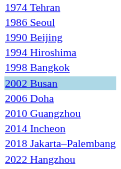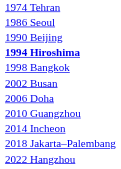 <table>
 <tr>
 <td><a href='#'>1974 Tehran</a></td>
 <td></td>
 <td></td>
 <td></td>
 </tr>
 <tr>
 <td><a href='#'>1986 Seoul</a></td>
 <td></td>
 <td></td>
 <td></td>
 </tr>
 <tr>
 <td><a href='#'>1990 Beijing</a></td>
 <td></td>
 <td></td>
 <td></td>
 </tr>
 <tr>
-<td><a href='#'>1994 Hiroshima</a></td>
+<td><strong><a href='#'>1994 Hiroshima</a></strong></td>
 <td></td>
 <td></td>
 <td></td>
 </tr>
 <tr>
 <td><a href='#'>1998 Bangkok</a></td>
 <td></td>
 <td></td>
 <td></td>
 </tr>
 <tr>
-<td style="background: lightblue;"><a href='#'>2002 Busan</a></td>
+<td><a href='#'>2002 Busan</a></td>
 <td></td>
 <td></td>
 <td></td>
 </tr>
 <tr>
 <td rowspan=2><a href='#'>2006 Doha</a></td>
 <td rowspan=2></td>
 <td rowspan=2></td>
 <td></td>
 </tr>
 <tr>
 <td></td>
 </tr>
 <tr>
 <td rowspan=2><a href='#'>2010 Guangzhou</a></td>
 <td rowspan=2></td>
 <td rowspan=2></td>
 <td></td>
 </tr>
 <tr>
 <td></td>
 </tr>
 <tr>
 <td rowspan=2><a href='#'>2014 Incheon</a></td>
 <td rowspan=2></td>
 <td rowspan=2></td>
 <td></td>
 </tr>
 <tr>
 <td></td>
 </tr>
 <tr>
 <td rowspan=2><a href='#'>2018 Jakarta–Palembang</a></td>
 <td rowspan=2></td>
 <td rowspan=2></td>
 <td></td>
 </tr>
 <tr>
 <td></td>
 </tr>
 <tr>
 <td rowspan=2><a href='#'>2022 Hangzhou</a></td>
 <td rowspan=2></td>
 <td rowspan=2></td>
 <td></td>
 </tr>
 <tr>
 <td></td>
 </tr>
 </table>
